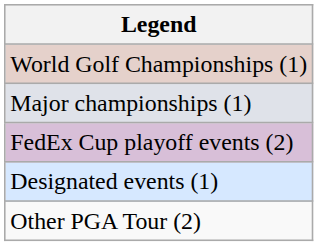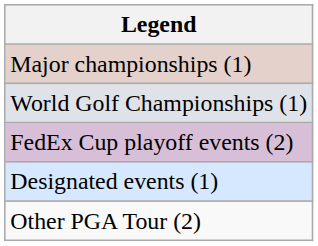 <table class="wikitable" style="font-size:95%;">
 <tr>
 <th>Legend</th>
 </tr>
 <tr style="background:#e5d1cb;">
-<td>World Golf Championships (1)</td>
+<td>Major championships (1)</td>
 </tr>
 <tr style="background:#dfe2e9;">
-<td>Major championships (1)</td>
+<td>World Golf Championships (1)</td>
 </tr>
 <tr style="background:thistle;">
 <td>FedEx Cup playoff events (2)</td>
 </tr>
 <tr style="background:#D6E8FF;">
 <td>Designated events (1)</td>
 </tr>
 <tr>
 <td>Other PGA Tour (2)</td>
 </tr>
 </table>
